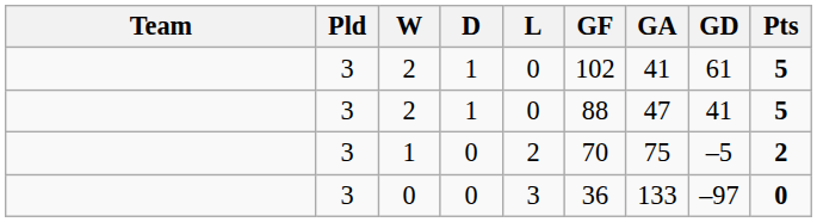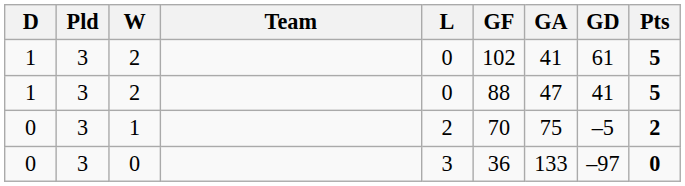 <table class="wikitable" style="text-align: center;">
 <tr>
-<th width="180">Team</th>
+<th width="30">D</th>
 <th width="30">Pld</th>
 <th width="30">W</th>
-<th width="30">D</th>
+<th width="180">Team</th>
 <th width="30">L</th>
 <th width="30">GF</th>
 <th width="30">GA</th>
 <th width="30">GD</th>
 <th width="30">Pts</th>
 </tr>
 <tr>
-<td align="left"></td>
+<td>1</td>
 <td>3</td>
 <td>2</td>
-<td>1</td>
+<td align="left"></td>
 <td>0</td>
 <td>102</td>
 <td>41</td>
 <td>61</td>
 <td><strong>5</strong></td>
 </tr>
 <tr>
-<td align="left"></td>
+<td>1</td>
 <td>3</td>
 <td>2</td>
-<td>1</td>
+<td align="left"></td>
 <td>0</td>
 <td>88</td>
 <td>47</td>
 <td>41</td>
 <td><strong>5</strong></td>
 </tr>
 <tr>
-<td align="left"></td>
+<td>0</td>
 <td>3</td>
 <td>1</td>
-<td>0</td>
+<td align="left"></td>
 <td>2</td>
 <td>70</td>
 <td>75</td>
 <td>–5</td>
 <td><strong>2</strong></td>
 </tr>
 <tr>
-<td align="left"></td>
+<td>0</td>
 <td>3</td>
 <td>0</td>
-<td>0</td>
+<td align="left"></td>
 <td>3</td>
 <td>36</td>
 <td>133</td>
 <td>–97</td>
 <td><strong>0</strong></td>
 </tr>
 </table>
